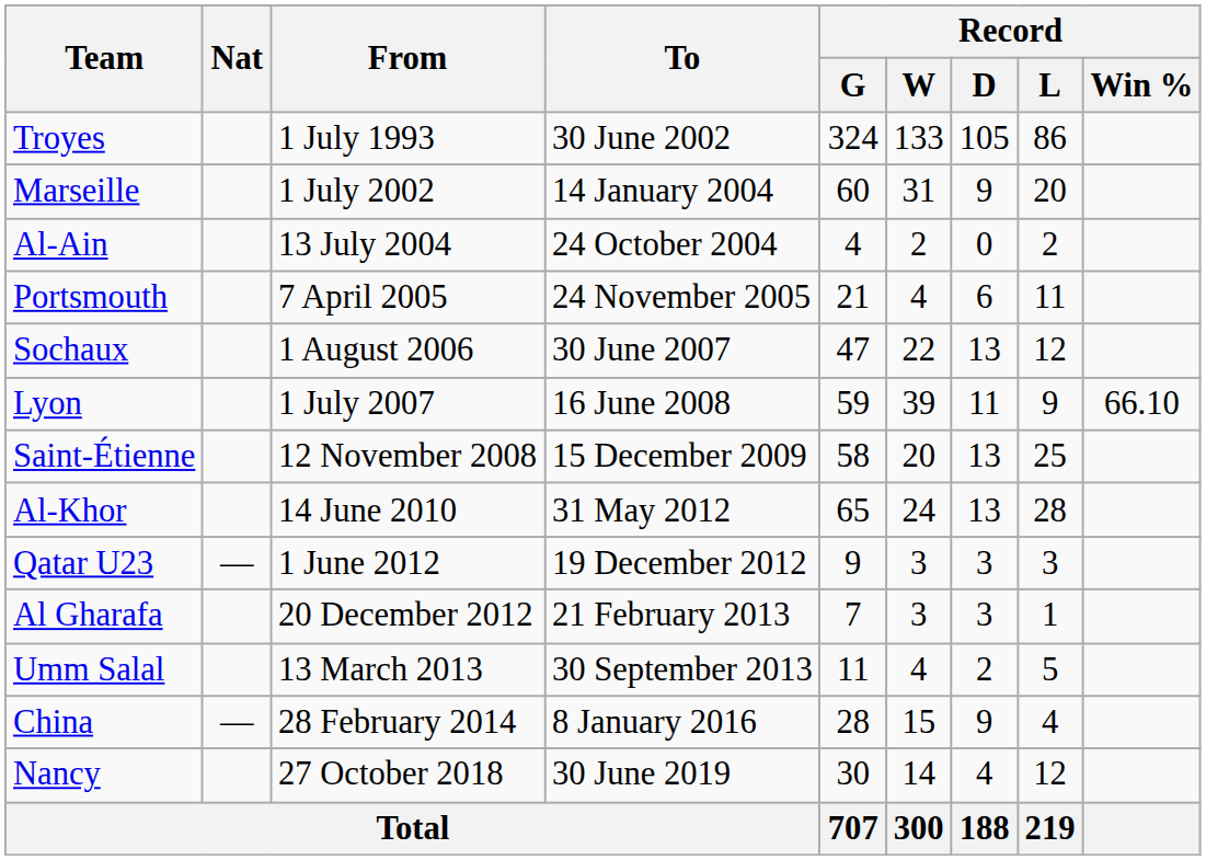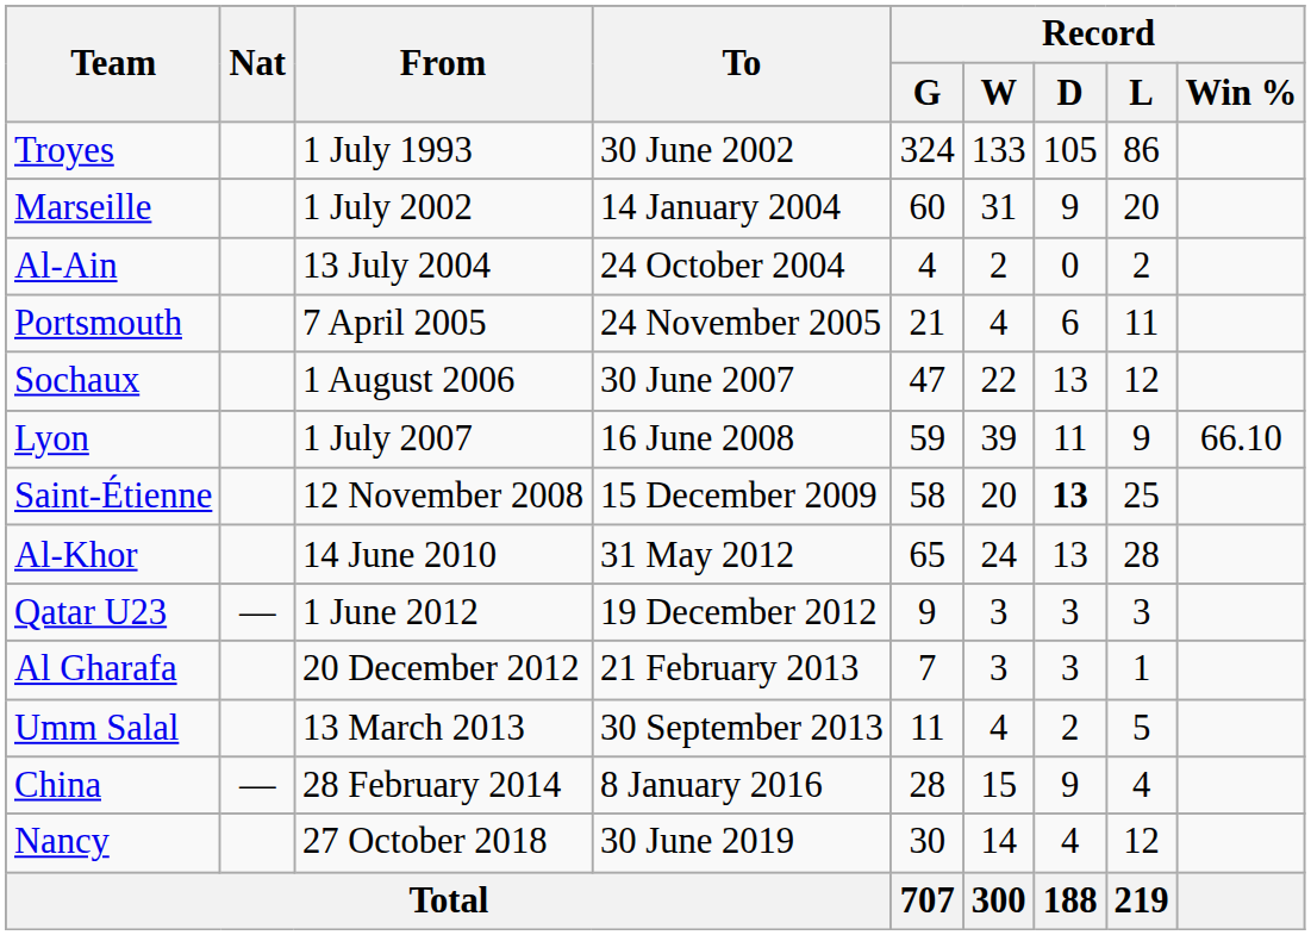 <table class="wikitable" style="text-align:center">
 <tr>
 <th rowspan="2">Team</th>
 <th rowspan="2">Nat</th>
 <th rowspan="2">From</th>
 <th rowspan="2">To</th>
 <th colspan="5">Record</th>
 </tr>
 <tr>
 <th>G</th>
 <th>W</th>
 <th>D</th>
 <th>L</th>
 <th>Win %</th>
 </tr>
 <tr>
 <td align=left><a href='#'>Troyes</a></td>
 <td></td>
 <td align=left>1 July 1993</td>
 <td align=left>30 June 2002</td>
 <td>324</td>
 <td>133</td>
 <td>105</td>
 <td>86</td>
 <td></td>
 </tr>
 <tr>
 <td align=left><a href='#'>Marseille</a></td>
 <td></td>
 <td align=left>1 July 2002</td>
 <td align=left>14 January 2004</td>
 <td>60</td>
 <td>31</td>
 <td>9</td>
 <td>20</td>
 <td></td>
 </tr>
 <tr>
 <td align=left><a href='#'>Al-Ain</a></td>
 <td></td>
 <td align=left>13 July 2004</td>
 <td align=left>24 October 2004</td>
 <td>4</td>
 <td>2</td>
 <td>0</td>
 <td>2</td>
 <td></td>
 </tr>
 <tr>
 <td align=left><a href='#'>Portsmouth</a></td>
 <td></td>
 <td align=left>7 April 2005</td>
 <td align=left>24 November 2005</td>
 <td>21</td>
 <td>4</td>
 <td>6</td>
 <td>11</td>
 <td></td>
 </tr>
 <tr>
 <td align=left><a href='#'>Sochaux</a></td>
 <td></td>
 <td align=left>1 August 2006</td>
 <td align=left>30 June 2007</td>
 <td>47</td>
 <td>22</td>
 <td>13</td>
 <td>12</td>
 <td></td>
 </tr>
 <tr>
 <td align=left><a href='#'>Lyon</a></td>
 <td></td>
 <td align=left>1 July 2007</td>
 <td align=left>16 June 2008</td>
 <td>59</td>
 <td>39</td>
 <td>11</td>
 <td>9</td>
 <td>66.10</td>
 </tr>
 <tr>
 <td align=left><a href='#'>Saint-Étienne</a></td>
 <td></td>
 <td align=left>12 November 2008</td>
 <td align=left>15 December 2009</td>
 <td>58</td>
 <td>20</td>
-<td>13</td>
+<td><strong>13</strong></td>
 <td>25</td>
 <td></td>
 </tr>
 <tr>
 <td align=left><a href='#'>Al-Khor</a></td>
 <td></td>
 <td align=left>14 June 2010</td>
 <td align=left>31 May 2012</td>
 <td>65</td>
 <td>24</td>
 <td>13</td>
 <td>28</td>
 <td></td>
 </tr>
 <tr>
 <td align=left><a href='#'>Qatar U23</a></td>
 <td>—</td>
 <td align=left>1 June 2012</td>
 <td align=left>19 December 2012</td>
 <td>9</td>
 <td>3</td>
 <td>3</td>
 <td>3</td>
 <td></td>
 </tr>
 <tr>
 <td align=left><a href='#'>Al Gharafa</a></td>
 <td></td>
 <td align=left>20 December 2012</td>
 <td align=left>21 February 2013</td>
 <td>7</td>
 <td>3</td>
 <td>3</td>
 <td>1</td>
 <td></td>
 </tr>
 <tr>
 <td align=left><a href='#'>Umm Salal</a></td>
 <td></td>
 <td align=left>13 March 2013</td>
 <td align=left>30 September 2013</td>
 <td>11</td>
 <td>4</td>
 <td>2</td>
 <td>5</td>
 <td></td>
 </tr>
 <tr>
 <td align=left><a href='#'>China</a></td>
 <td>—</td>
 <td align=left>28 February 2014</td>
 <td align=left>8 January 2016</td>
 <td>28</td>
 <td>15</td>
 <td>9</td>
 <td>4</td>
 <td></td>
 </tr>
 <tr>
 <td align=left><a href='#'>Nancy</a></td>
 <td></td>
 <td align=left>27 October 2018</td>
 <td align=left>30 June 2019</td>
 <td>30</td>
 <td>14</td>
 <td>4</td>
 <td>12</td>
 <td></td>
 </tr>
 <tr>
 <th colspan="4">Total</th>
 <th>707</th>
 <th>300</th>
 <th>188</th>
 <th>219</th>
 <th></th>
 </tr>
 </table>
